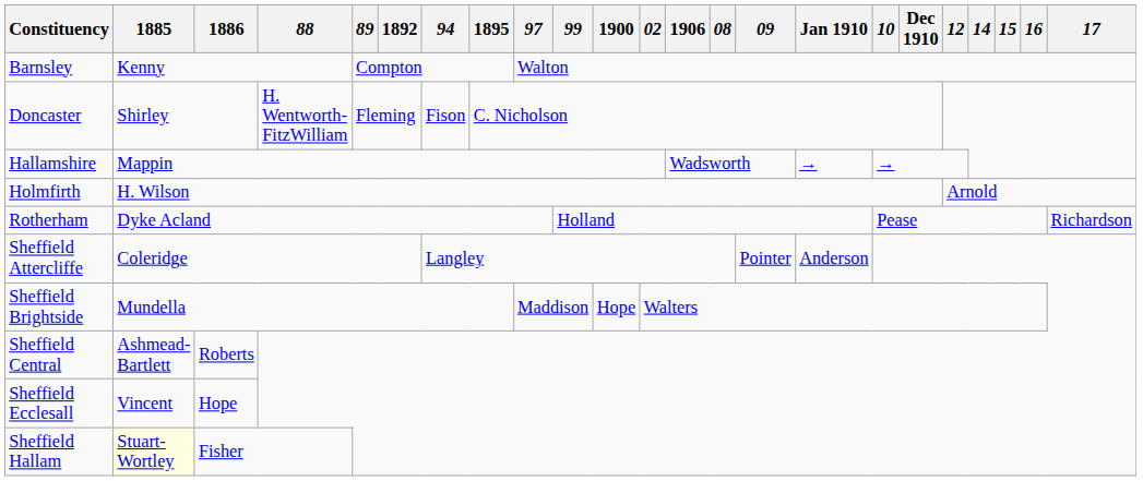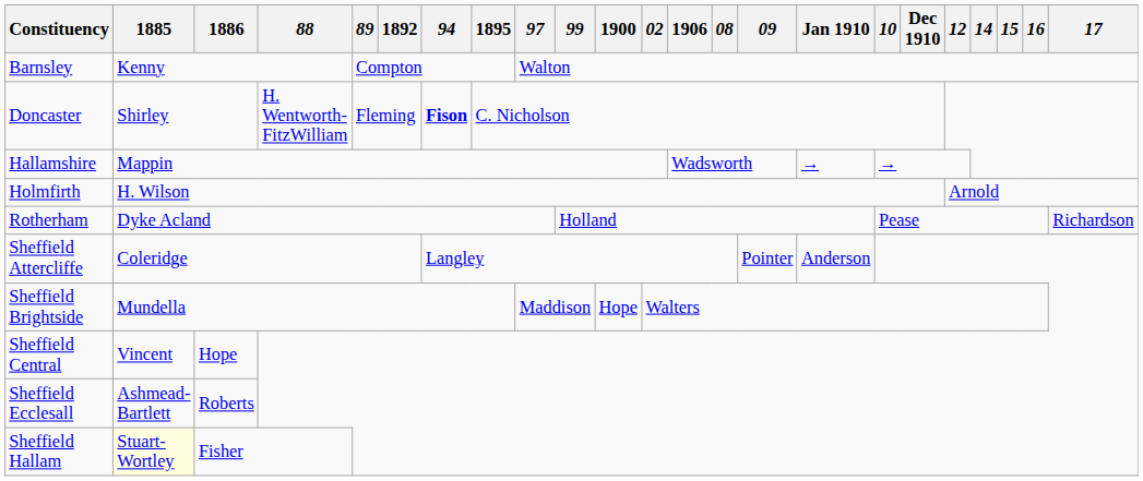 <table class="wikitable">
 <tr>
 <th>Constituency</th>
 <th>1885</th>
 <th>1886</th>
 <th><em>88</em></th>
 <th><em>89</em></th>
 <th>1892</th>
 <th><em>94</em></th>
 <th>1895</th>
 <th><em>97</em></th>
 <th><em>99</em></th>
 <th>1900</th>
 <th><em>02</em></th>
 <th>1906</th>
 <th><em>08</em></th>
 <th><em>09</em></th>
 <th>Jan 1910</th>
 <th><em>10</em></th>
 <th>Dec 1910</th>
 <th><em>12</em></th>
 <th><em>14</em></th>
 <th><em>15</em></th>
 <th><em>16</em></th>
 <th><em>17</em></th>
 </tr>
 <tr>
 <td><a href='#'>Barnsley</a></td>
 <td colspan="3"><a href='#'>Kenny</a></td>
 <td colspan="4"><a href='#'>Compton</a></td>
 <td colspan="15"><a href='#'>Walton</a></td>
 </tr>
 <tr>
 <td><a href='#'>Doncaster</a></td>
 <td colspan="2"><a href='#'>Shirley</a></td>
 <td><a href='#'>H. Wentworth-FitzWilliam</a></td>
 <td colspan="2"><a href='#'>Fleming</a></td>
-<td><a href='#'>Fison</a></td>
+<td><strong><a href='#'>Fison</a></strong></td>
 <td colspan="11"><a href='#'>C. Nicholson</a></td>
 </tr>
 <tr>
 <td><a href='#'>Hallamshire</a></td>
 <td colspan="11"><a href='#'>Mappin</a></td>
 <td colspan="3"><a href='#'>Wadsworth</a></td>
 <td><a href='#'>→</a></td>
 <td colspan="3"><a href='#'>→</a></td>
 </tr>
 <tr>
 <td><a href='#'>Holmfirth</a></td>
 <td colspan="17"><a href='#'>H. Wilson</a></td>
 <td colspan="5"><a href='#'>Arnold</a></td>
 </tr>
 <tr>
 <td><a href='#'>Rotherham</a></td>
 <td colspan="8"><a href='#'>Dyke Acland</a></td>
 <td colspan="7"><a href='#'>Holland</a></td>
 <td colspan="6"><a href='#'>Pease</a></td>
 <td><a href='#'>Richardson</a></td>
 </tr>
 <tr>
 <td><a href='#'>Sheffield Attercliffe</a></td>
 <td colspan="5"><a href='#'>Coleridge</a></td>
 <td colspan="8"><a href='#'>Langley</a></td>
 <td><a href='#'>Pointer</a></td>
 <td><a href='#'>Anderson</a></td>
 </tr>
 <tr>
 <td><a href='#'>Sheffield Brightside</a></td>
 <td colspan="7"><a href='#'>Mundella</a></td>
 <td colspan="2"><a href='#'>Maddison</a></td>
 <td><a href='#'>Hope</a></td>
 <td colspan="11"><a href='#'>Walters</a></td>
 </tr>
 <tr>
 <td><a href='#'>Sheffield Central</a></td>
-<td><a href='#'>Ashmead-Bartlett</a></td>
-<td><a href='#'>Roberts</a></td>
+<td><a href='#'>Vincent</a></td>
+<td><a href='#'>Hope</a></td>
 </tr>
 <tr>
 <td><a href='#'>Sheffield Ecclesall</a></td>
-<td><a href='#'>Vincent</a></td>
-<td><a href='#'>Hope</a></td>
+<td><a href='#'>Ashmead-Bartlett</a></td>
+<td><a href='#'>Roberts</a></td>
 </tr>
 <tr>
 <td><a href='#'>Sheffield Hallam</a></td>
 <td style="background: lightyellow;"><a href='#'>Stuart-Wortley</a></td>
 <td colspan="2"><a href='#'>Fisher</a></td>
 </tr>
 </table>
